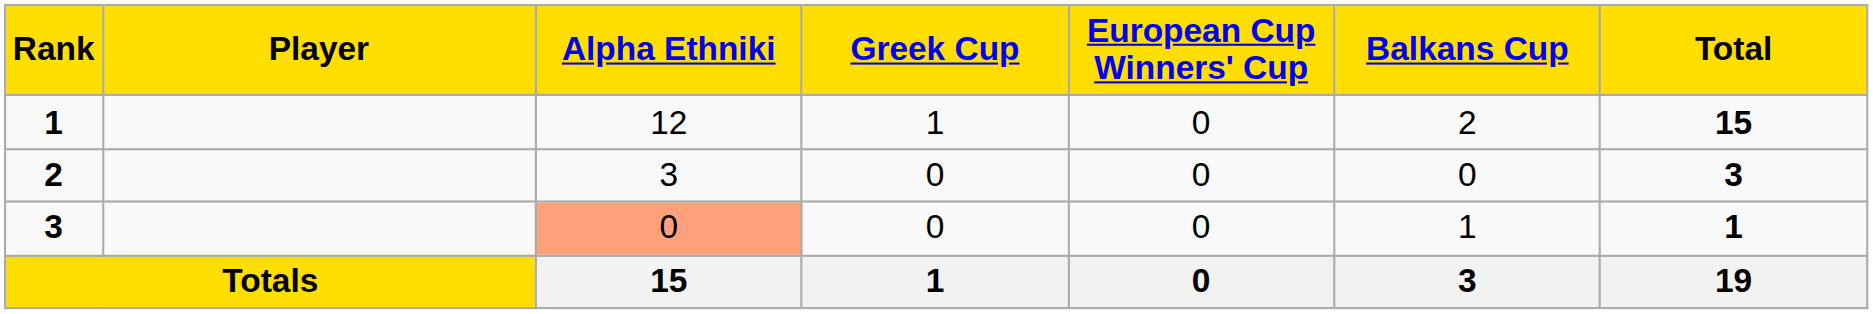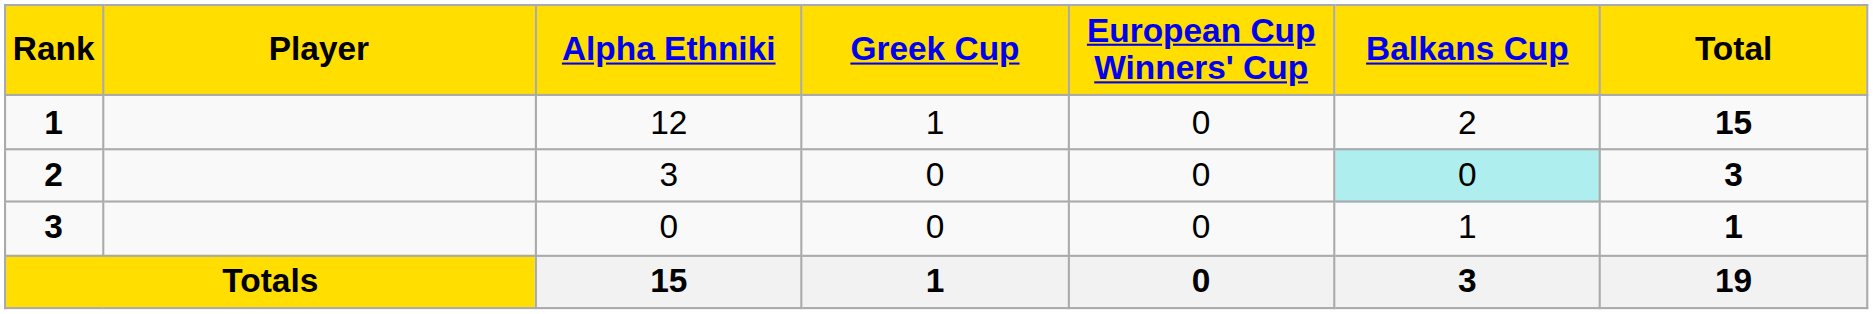 <table class="wikitable sortable" style="text-align:center">
 <tr>
 <th style="background:#FFDE00">Rank</th>
 <th width=200 style="background:#FFDE00">Player</th>
 <th width=120 style="background:#FFDE00"><a href='#'>Alpha Ethniki</a></th>
 <th width=120 style="background:#FFDE00"><a href='#'>Greek Cup</a></th>
 <th width=120 style="background:#FFDE00"><a href='#'>European Cup Winners' Cup</a></th>
 <th width=120 style="background:#FFDE00"><a href='#'>Balkans Cup</a></th>
 <th width=120 style="background:#FFDE00">Total</th>
 </tr>
 <tr>
 <td><strong>1</strong></td>
 <td align=left></td>
 <td>12</td>
 <td>1</td>
 <td>0</td>
 <td>2</td>
 <td><strong>15</strong></td>
 </tr>
 <tr>
 <td><strong>2</strong></td>
 <td align=left></td>
 <td>3</td>
 <td>0</td>
 <td>0</td>
-<td>0</td>
+<td style="background: paleturquoise;">0</td>
 <td><strong>3</strong></td>
 </tr>
 <tr>
 <td><strong>3</strong></td>
 <td align=left></td>
-<td style="background: lightsalmon;">0</td>
+<td>0</td>
 <td>0</td>
 <td>0</td>
 <td>1</td>
 <td><strong>1</strong></td>
 </tr>
 <tr class="sortbottom">
 <th colspan=2 style="background:#FFDE00"><strong>Totals</strong></th>
 <th><strong>15</strong></th>
 <th><strong> 1</strong></th>
 <th><strong> 0</strong></th>
 <th><strong> 3</strong></th>
 <th><strong>19</strong></th>
 </tr>
 </table>
